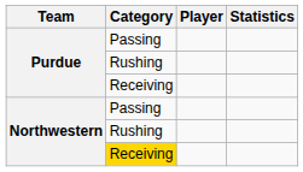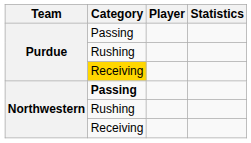 <table class="wikitable" style="float:right">
 <tr>
 <th>Team</th>
 <th>Category</th>
 <th>Player</th>
 <th>Statistics</th>
 </tr>
 <tr>
 <th rowspan=3>Purdue</th>
 <td>Passing</td>
 <td></td>
 <td></td>
 </tr>
 <tr>
 <td>Rushing</td>
 <td></td>
 <td></td>
 </tr>
 <tr>
-<td>Receiving</td>
+<td style="background: gold;">Receiving</td>
 <td></td>
 <td></td>
 </tr>
 <tr>
 <th rowspan=3>Northwestern</th>
-<td>Passing</td>
+<td><strong>Passing</strong></td>
 <td></td>
 <td></td>
 </tr>
 <tr>
 <td>Rushing</td>
 <td></td>
 <td></td>
 </tr>
 <tr>
-<td style="background: gold;">Receiving</td>
+<td>Receiving</td>
 <td></td>
 <td></td>
 </tr>
 </table>
